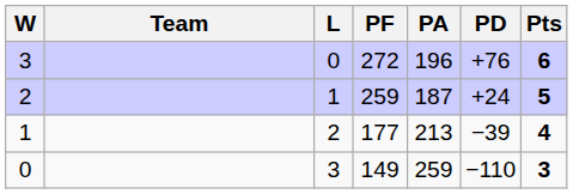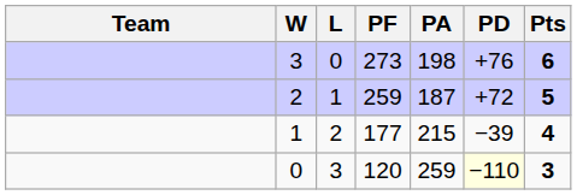 <table class="wikitable" style="text-align:center;">
 <tr>
+<th width=180>Team</th>
 <th width=20>W</th>
-<th width=180>Team</th>
 <th width=20>L</th>
 <th width=30>PF</th>
 <th width=30>PA</th>
 <th width=30>PD</th>
 <th width=20>Pts</th>
 </tr>
 <tr bgcolor="#CCCCFF">
+<td align=left></td>
 <td>3</td>
-<td align=left></td>
 <td>0</td>
-<td>272</td>
-<td>196</td>
+<td>273</td>
+<td>198</td>
 <td>+76</td>
 <td><strong>6</strong></td>
 </tr>
 <tr bgcolor="#CCCCFF">
+<td align=left></td>
 <td>2</td>
-<td align=left></td>
 <td>1</td>
 <td>259</td>
 <td>187</td>
-<td>+24</td>
+<td>+72</td>
 <td><strong>5</strong></td>
 </tr>
 <tr>
+<td align=left></td>
 <td>1</td>
-<td align=left></td>
 <td>2</td>
 <td>177</td>
-<td>213</td>
+<td>215</td>
 <td>−39</td>
 <td><strong>4</strong></td>
 </tr>
 <tr>
+<td align=left></td>
 <td>0</td>
-<td align=left></td>
 <td>3</td>
-<td>149</td>
+<td>120</td>
 <td>259</td>
-<td>−110</td>
+<td style="background: lightyellow;">−110</td>
 <td><strong>3</strong></td>
 </tr>
 </table>
